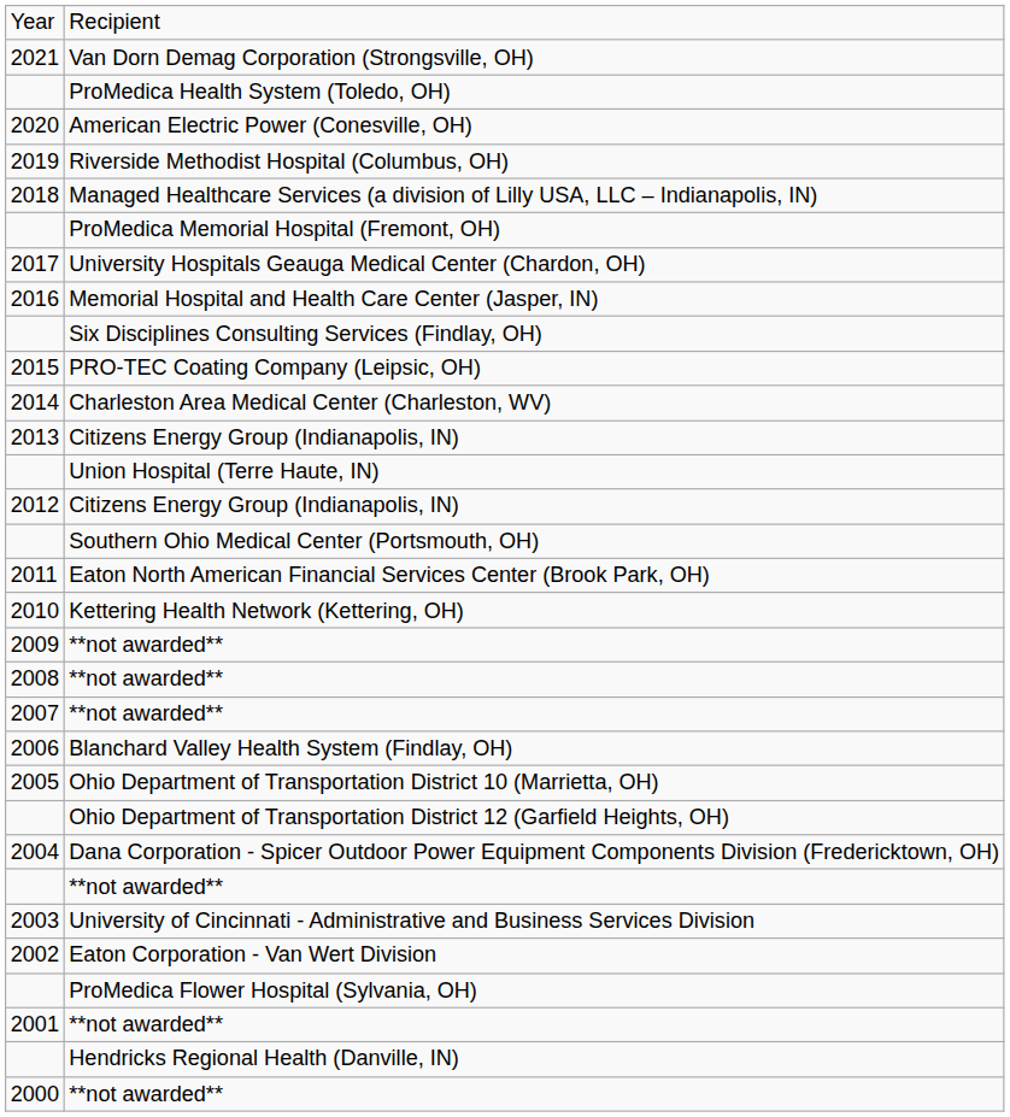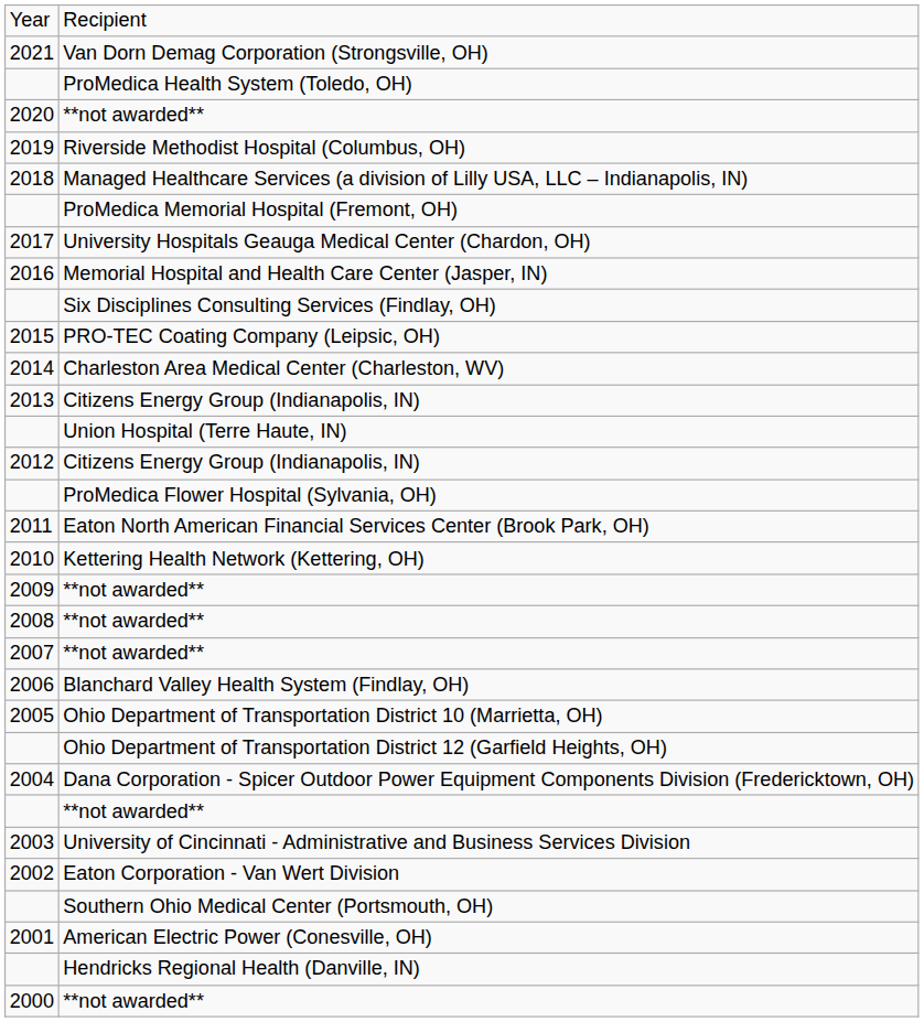 <table class="wikitable sortable">
 <tr>
 <td>Year</td>
 <td>Recipient</td>
 </tr>
 <tr>
 <td>2021</td>
 <td>Van Dorn Demag Corporation (Strongsville, OH)</td>
 </tr>
 <tr>
 <td></td>
 <td>ProMedica Health System (Toledo, OH)</td>
 </tr>
 <tr>
 <td>2020</td>
-<td>American Electric Power (Conesville, OH)</td>
+<td>**not awarded**</td>
 </tr>
 <tr>
 <td>2019</td>
 <td>Riverside Methodist Hospital (Columbus, OH)</td>
 </tr>
 <tr>
 <td>2018</td>
 <td>Managed Healthcare Services (a division of Lilly USA, LLC –  Indianapolis, IN)</td>
 </tr>
 <tr>
 <td></td>
 <td>ProMedica Memorial Hospital (Fremont, OH)</td>
 </tr>
 <tr>
 <td>2017</td>
 <td>University Hospitals Geauga Medical Center (Chardon, OH)</td>
 </tr>
 <tr>
 <td>2016</td>
 <td>Memorial Hospital and Health Care Center (Jasper, IN)</td>
 </tr>
 <tr>
 <td></td>
 <td>Six Disciplines Consulting Services (Findlay, OH)</td>
 </tr>
 <tr>
 <td>2015</td>
 <td>PRO-TEC Coating Company (Leipsic, OH)</td>
 </tr>
 <tr>
 <td>2014</td>
 <td>Charleston Area Medical Center (Charleston, WV)</td>
 </tr>
 <tr>
 <td>2013</td>
 <td>Citizens Energy Group (Indianapolis, IN)</td>
 </tr>
 <tr>
 <td></td>
 <td>Union Hospital (Terre Haute, IN)</td>
 </tr>
 <tr>
 <td>2012</td>
 <td>Citizens Energy Group (Indianapolis, IN)</td>
 </tr>
 <tr>
 <td></td>
-<td>Southern Ohio Medical Center (Portsmouth, OH)</td>
+<td>ProMedica Flower Hospital (Sylvania, OH)</td>
 </tr>
 <tr>
 <td>2011</td>
 <td>Eaton North American Financial Services Center (Brook Park, OH)</td>
 </tr>
 <tr>
 <td>2010</td>
 <td>Kettering Health Network (Kettering, OH)</td>
 </tr>
 <tr>
 <td>2009</td>
 <td>**not awarded**</td>
 </tr>
 <tr>
 <td>2008</td>
 <td>**not awarded**</td>
 </tr>
 <tr>
 <td>2007</td>
 <td>**not awarded**</td>
 </tr>
 <tr>
 <td>2006</td>
 <td>Blanchard Valley Health System (Findlay, OH)</td>
 </tr>
 <tr>
 <td>2005</td>
 <td>Ohio Department of Transportation District 10 (Marrietta, OH)</td>
 </tr>
 <tr>
 <td></td>
 <td>Ohio Department of Transportation District 12 (Garfield Heights, OH)</td>
 </tr>
 <tr>
 <td>2004</td>
 <td>Dana Corporation - Spicer Outdoor Power Equipment Components Division (Fredericktown, OH)</td>
 </tr>
 <tr>
 <td></td>
 <td>**not awarded**</td>
 </tr>
 <tr>
 <td>2003</td>
 <td>University of Cincinnati - Administrative and Business Services Division</td>
 </tr>
 <tr>
 <td>2002</td>
 <td>Eaton Corporation - Van Wert Division</td>
 </tr>
 <tr>
 <td></td>
-<td>ProMedica Flower Hospital (Sylvania, OH)</td>
+<td>Southern Ohio Medical Center (Portsmouth, OH)</td>
 </tr>
 <tr>
 <td>2001</td>
-<td>**not awarded**</td>
+<td>American Electric Power (Conesville, OH)</td>
 </tr>
 <tr>
 <td></td>
 <td>Hendricks Regional Health (Danville, IN)</td>
 </tr>
 <tr>
 <td>2000</td>
 <td>**not awarded**</td>
 </tr>
 </table>
